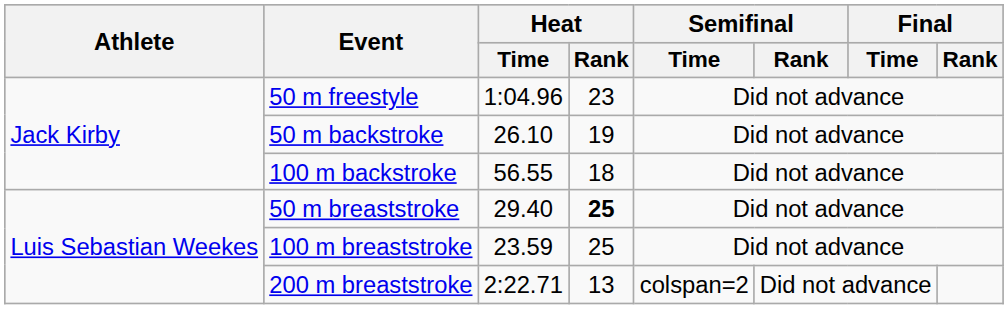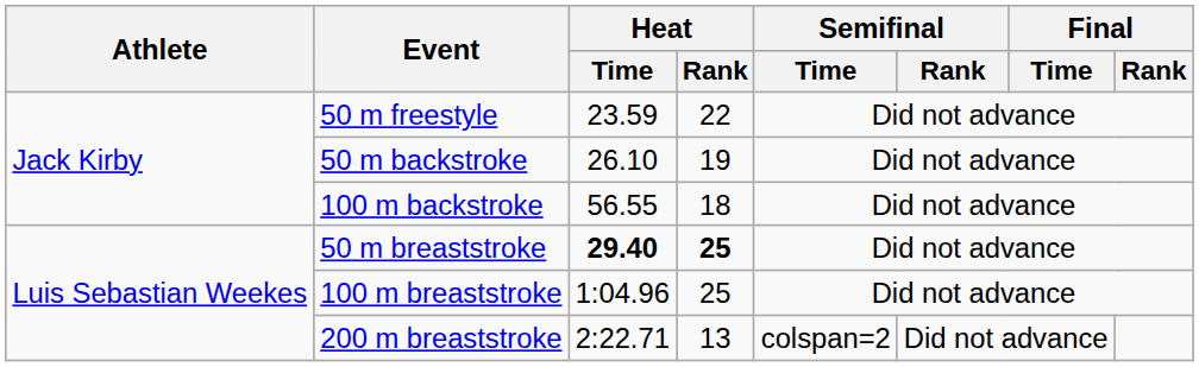 <table class=wikitable style=font-size:90%>
 <tr>
 <th rowspan=2>Athlete</th>
 <th rowspan=2>Event</th>
 <th colspan=2>Heat</th>
 <th colspan=2>Semifinal</th>
 <th colspan=2>Final</th>
 </tr>
 <tr style=font-size:95%>
 <th>Time</th>
 <th>Rank</th>
 <th>Time</th>
 <th>Rank</th>
 <th>Time</th>
 <th>Rank</th>
 </tr>
 <tr align=center>
 <td align=left rowspan=3><a href='#'>Jack Kirby</a></td>
 <td align=left rowspan="1"><a href='#'>50 m freestyle</a></td>
-<td>1:04.96</td>
-<td>23</td>
+<td>23.59</td>
+<td>22</td>
 <td colspan="4">Did not advance</td>
 </tr>
 <tr align=center>
 <td style="text-align:left;"><a href='#'>50 m backstroke</a></td>
 <td>26.10</td>
 <td>19</td>
 <td colspan=4>Did not advance</td>
 </tr>
 <tr align=center>
 <td style="text-align:left;"><a href='#'>100 m backstroke</a></td>
 <td>56.55</td>
 <td>18</td>
 <td colspan=4>Did not advance</td>
 </tr>
 <tr align=center>
 <td align=left rowspan=3><a href='#'>Luis Sebastian Weekes</a></td>
 <td align=left><a href='#'>50 m breaststroke</a></td>
-<td>29.40</td>
+<td><strong>29.40</strong></td>
 <td><strong>25</strong></td>
 <td colspan="4">Did not advance</td>
 </tr>
 <tr align=center>
 <td align=left rowspan="1"><a href='#'>100 m breaststroke</a></td>
-<td>23.59</td>
+<td>1:04.96</td>
 <td>25</td>
 <td colspan=4>Did not advance</td>
 </tr>
 <tr align=center>
 <td align=left rowspan="1"><a href='#'>200 m breaststroke</a></td>
 <td>2:22.71</td>
 <td>13</td>
 <td>colspan=2 </td>
 <td colspan=2>Did not advance</td>
 </tr>
 </table>
